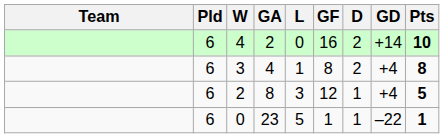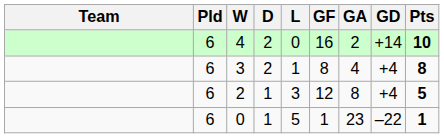 <table class="wikitable" style="text-align:center;">
 <tr>
 <th width=180>Team</th>
 <th width=20>Pld</th>
 <th width=20>W</th>
-<th width=20>GA</th>
+<th width=20>D</th>
 <th width=20>L</th>
 <th width=20>GF</th>
-<th width=20>D</th>
+<th width=20>GA</th>
 <th width=20>GD</th>
 <th width=20>Pts</th>
 </tr>
 <tr bgcolor="ccffcc">
 <td align="left"></td>
 <td>6</td>
 <td>4</td>
 <td>2</td>
 <td>0</td>
 <td>16</td>
 <td>2</td>
 <td>+14</td>
 <td><strong>10</strong></td>
 </tr>
 <tr>
 <td align="left"></td>
 <td>6</td>
 <td>3</td>
-<td>4</td>
+<td>2</td>
 <td>1</td>
 <td>8</td>
-<td>2</td>
+<td>4</td>
 <td>+4</td>
 <td><strong>8</strong></td>
 </tr>
 <tr>
 <td align="left"></td>
 <td>6</td>
 <td>2</td>
-<td>8</td>
+<td>1</td>
 <td>3</td>
 <td>12</td>
-<td>1</td>
+<td>8</td>
 <td>+4</td>
 <td><strong>5</strong></td>
 </tr>
 <tr>
 <td align="left"></td>
 <td>6</td>
 <td>0</td>
-<td>23</td>
+<td>1</td>
 <td>5</td>
 <td>1</td>
-<td>1</td>
+<td>23</td>
 <td>–22</td>
 <td><strong>1</strong></td>
 </tr>
 </table>
